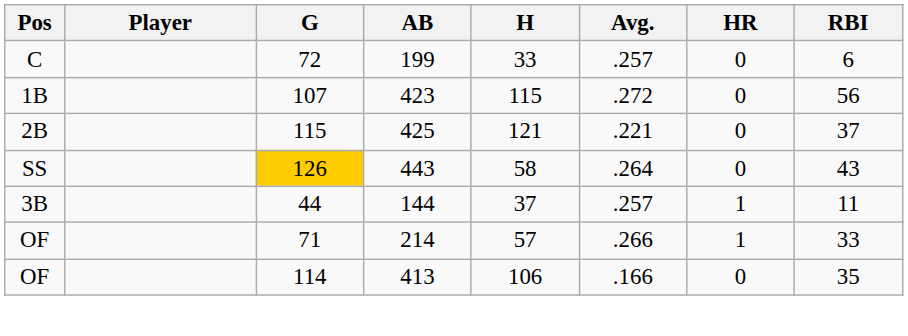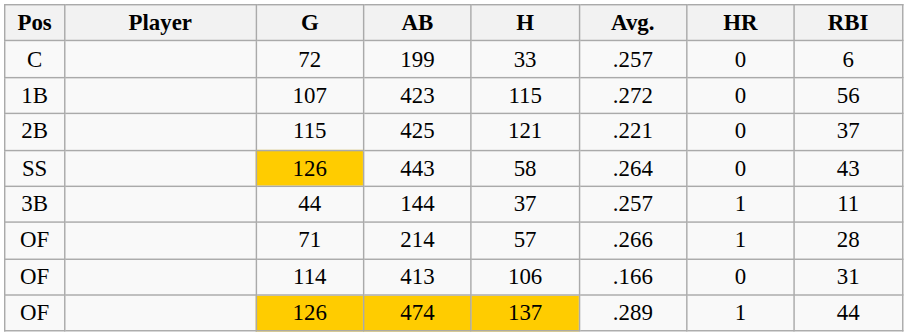 <table class="wikitable sortable">
 <tr>
 <th bgcolor="#DDDDFF" width="5%">Pos</th>
 <th bgcolor="#DDDDFF" width="16%">Player</th>
 <th bgcolor="#DDDDFF" width="9%">G</th>
 <th bgcolor="#DDDDFF" width="9%">AB</th>
 <th bgcolor="#DDDDFF" width="9%">H</th>
 <th bgcolor="#DDDDFF" width="9%">Avg.</th>
 <th bgcolor="#DDDDFF" width="9%">HR</th>
 <th bgcolor="#DDDDFF" width="9%">RBI</th>
 </tr>
 <tr align="center">
 <td>C</td>
 <td></td>
 <td>72</td>
 <td>199</td>
 <td>33</td>
 <td>.257</td>
 <td>0</td>
 <td>6</td>
 </tr>
 <tr align="center">
 <td>1B</td>
 <td></td>
 <td>107</td>
 <td>423</td>
 <td>115</td>
 <td>.272</td>
 <td>0</td>
 <td>56</td>
 </tr>
 <tr align="center">
 <td>2B</td>
 <td></td>
 <td>115</td>
 <td>425</td>
 <td>121</td>
 <td>.221</td>
 <td>0</td>
 <td>37</td>
 </tr>
 <tr align="center">
 <td>SS</td>
 <td></td>
 <td style="background:#fc0;">126</td>
 <td>443</td>
 <td>58</td>
 <td>.264</td>
 <td>0</td>
 <td>43</td>
 </tr>
 <tr align="center">
 <td>3B</td>
 <td></td>
 <td>44</td>
 <td>144</td>
 <td>37</td>
 <td>.257</td>
 <td>1</td>
 <td>11</td>
 </tr>
 <tr align="center">
 <td>OF</td>
 <td></td>
 <td>71</td>
 <td>214</td>
 <td>57</td>
 <td>.266</td>
 <td>1</td>
-<td>33</td>
+<td>28</td>
 </tr>
 <tr align="center">
 <td>OF</td>
 <td></td>
 <td>114</td>
 <td>413</td>
 <td>106</td>
 <td>.166</td>
 <td>0</td>
-<td>35</td>
+<td>31</td>
+</tr>
+<tr align="center">
+<td>OF</td>
+<td></td>
+<td style="background:#fc0;">126</td>
+<td style="background:#fc0;">474</td>
+<td style="background:#fc0;">137</td>
+<td>.289</td>
+<td>1</td>
+<td>44</td>
 </tr>
 </table>
